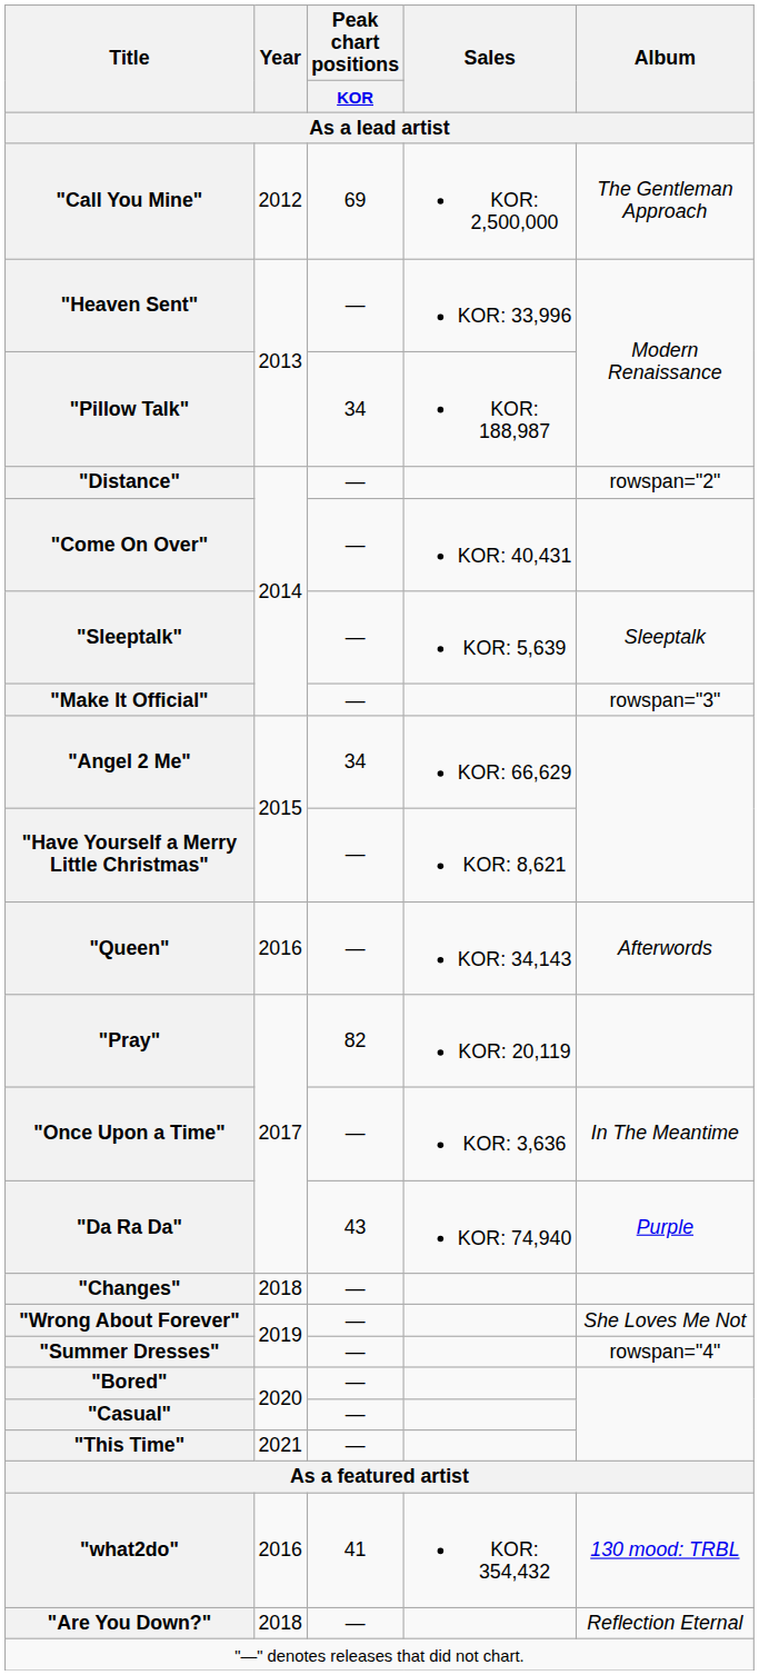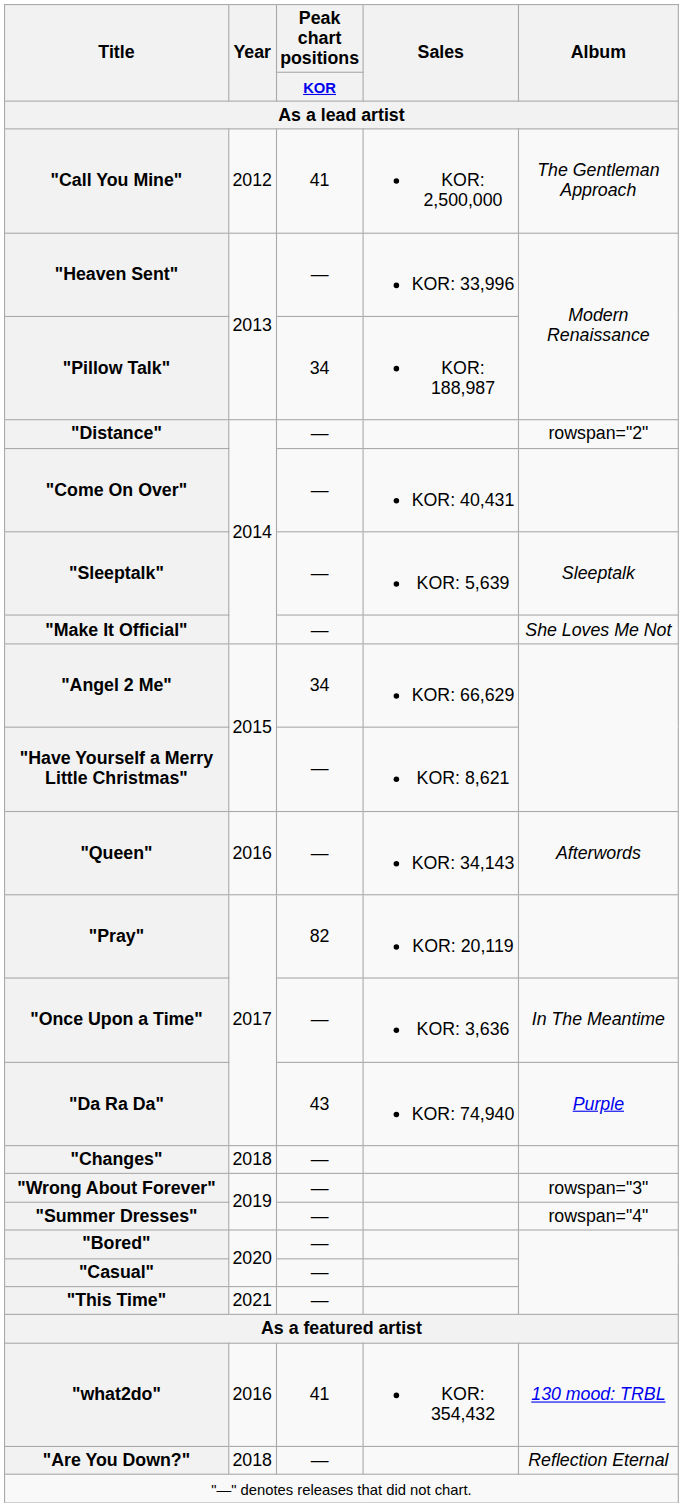 <table class="wikitable plainrowheaders" style="text-align:center;">
 <tr>
 <th scope="col" rowspan="2">Title</th>
 <th scope="col" rowspan="2">Year</th>
 <th colspan="1" scope="col">Peak chart positions</th>
 <th scope="col" rowspan="2">Sales</th>
 <th scope="col" rowspan="2">Album</th>
 </tr>
 <tr>
 <th style="width:3em;"><small><a href='#'>KOR</a></small><br></th>
 </tr>
 <tr>
 <th colspan="5">As a lead artist</th>
 </tr>
 <tr>
 <th scope="row">"Call You Mine" </th>
 <td>2012</td>
-<td>69</td>
+<td>41</td>
 <td><br><ul><li>KOR: 2,500,000</li></ul></td>
 <td><em>The Gentleman Approach</em></td>
 </tr>
 <tr>
 <th scope="row">"Heaven Sent"</th>
 <td rowspan="2">2013</td>
 <td>—</td>
 <td><br><ul><li>KOR: 33,996</li></ul></td>
 <td rowspan="2"><em>Modern Renaissance</em></td>
 </tr>
 <tr>
 <th scope="row">"Pillow Talk"</th>
 <td>34</td>
 <td><br><ul><li>KOR: 188,987</li></ul></td>
 </tr>
 <tr>
 <th scope="row">"Distance" </th>
 <td rowspan="4">2014</td>
 <td>—</td>
 <td></td>
 <td>rowspan="2" </td>
 </tr>
 <tr>
 <th scope="row">"Come On Over" </th>
 <td>—</td>
 <td><br><ul><li>KOR: 40,431</li></ul></td>
 </tr>
 <tr>
 <th scope="row">"Sleeptalk" </th>
 <td>—</td>
 <td><br><ul><li>KOR: 5,639</li></ul></td>
 <td><em>Sleeptalk</em></td>
 </tr>
 <tr>
 <th scope="row">"Make It Official" </th>
 <td>—</td>
 <td></td>
-<td>rowspan="3" </td>
+<td><em>She Loves Me Not</em></td>
 </tr>
 <tr>
 <th scope="row">"Angel 2 Me" </th>
 <td rowspan="2">2015</td>
 <td>34</td>
 <td><br><ul><li>KOR: 66,629</li></ul></td>
 </tr>
 <tr>
 <th scope="row">"Have Yourself a Merry Little Christmas"</th>
 <td>—</td>
 <td><br><ul><li>KOR: 8,621</li></ul></td>
 </tr>
 <tr>
 <th scope="row">"Queen"</th>
 <td>2016</td>
 <td>—</td>
 <td><br><ul><li>KOR: 34,143</li></ul></td>
 <td><em>Afterwords</em></td>
 </tr>
 <tr>
 <th scope="row">"Pray" </th>
 <td rowspan="3">2017</td>
 <td>82</td>
 <td><br><ul><li>KOR: 20,119</li></ul></td>
 <td></td>
 </tr>
 <tr>
 <th scope="row">"Once Upon a Time"</th>
 <td>—</td>
 <td><br><ul><li>KOR: 3,636</li></ul></td>
 <td><em>In The Meantime</em></td>
 </tr>
 <tr>
 <th scope="row">"Da Ra Da" </th>
 <td>43</td>
 <td><br><ul><li>KOR: 74,940</li></ul></td>
 <td><em><a href='#'>Purple</a></em></td>
 </tr>
 <tr>
 <th scope="row">"Changes"</th>
 <td>2018</td>
 <td>—</td>
 <td></td>
 <td></td>
 </tr>
 <tr>
 <th scope="row">"Wrong About Forever"</th>
 <td rowspan="2">2019</td>
 <td>—</td>
 <td></td>
-<td><em>She Loves Me Not</em></td>
+<td>rowspan="3" </td>
 </tr>
 <tr>
 <th scope="row">"Summer Dresses"</th>
 <td>—</td>
 <td></td>
 <td>rowspan="4" </td>
 </tr>
 <tr>
 <th scope="row">"Bored"</th>
 <td rowspan="2">2020</td>
 <td>—</td>
 <td></td>
 </tr>
 <tr>
 <th scope="row">"Casual" </th>
 <td>—</td>
 <td></td>
 </tr>
 <tr>
 <th scope="row">"This Time"</th>
 <td>2021</td>
 <td>—</td>
 <td></td>
 </tr>
 <tr>
 <th colspan="5">As a featured artist</th>
 </tr>
 <tr>
 <th scope="row">"what2do" </th>
 <td>2016</td>
 <td>41</td>
 <td><br><ul><li>KOR: 354,432</li></ul></td>
 <td><em><a href='#'>130 mood: TRBL</a></em></td>
 </tr>
 <tr>
 <th scope="row">"Are You Down?" </th>
 <td>2018</td>
 <td>—</td>
 <td></td>
 <td><em>Reflection Eternal</em></td>
 </tr>
 <tr>
 <td colspan="5" align="center"><small>"—" denotes releases that did not chart.</small></td>
 </tr>
 </table>
